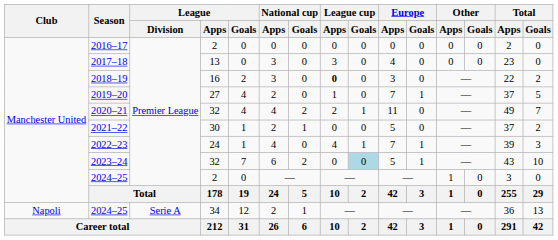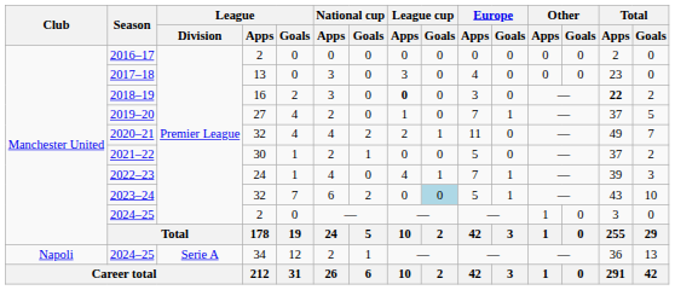 <table class="wikitable" style="text-align: center;">
 <tr>
 <th rowspan="2">Club</th>
 <th rowspan="2">Season</th>
 <th colspan="3">League</th>
 <th colspan="2">National cup</th>
 <th colspan="2">League cup</th>
 <th colspan="2"><a href='#'>Europe</a></th>
 <th colspan="2">Other</th>
 <th colspan="2">Total</th>
 </tr>
 <tr>
 <th>Division</th>
 <th>Apps</th>
 <th>Goals</th>
 <th>Apps</th>
 <th>Goals</th>
 <th>Apps</th>
 <th>Goals</th>
 <th>Apps</th>
 <th>Goals</th>
 <th>Apps</th>
 <th>Goals</th>
 <th>Apps</th>
 <th>Goals</th>
 </tr>
 <tr>
 <td rowspan="10"><a href='#'>Manchester United</a></td>
 <td><a href='#'>2016–17</a></td>
 <td rowspan="9"><a href='#'>Premier League</a></td>
 <td>2</td>
 <td>0</td>
 <td>0</td>
 <td>0</td>
 <td>0</td>
 <td>0</td>
 <td>0</td>
 <td>0</td>
 <td>0</td>
 <td>0</td>
 <td>2</td>
 <td>0</td>
 </tr>
 <tr>
 <td><a href='#'>2017–18</a></td>
 <td>13</td>
 <td>0</td>
 <td>3</td>
 <td>0</td>
 <td>3</td>
 <td>0</td>
 <td>4</td>
 <td>0</td>
 <td>0</td>
 <td>0</td>
 <td>23</td>
 <td>0</td>
 </tr>
 <tr>
 <td><a href='#'>2018–19</a></td>
 <td>16</td>
 <td>2</td>
 <td>3</td>
 <td>0</td>
 <td><strong>0</strong></td>
 <td>0</td>
 <td>3</td>
 <td>0</td>
 <td colspan="2">—</td>
-<td>22</td>
+<td><strong>22</strong></td>
 <td>2</td>
 </tr>
 <tr>
 <td><a href='#'>2019–20</a></td>
 <td>27</td>
 <td>4</td>
 <td>2</td>
 <td>0</td>
 <td>1</td>
 <td>0</td>
 <td>7</td>
 <td>1</td>
 <td colspan="2">—</td>
 <td>37</td>
 <td>5</td>
 </tr>
 <tr>
 <td><a href='#'>2020–21</a></td>
 <td>32</td>
 <td>4</td>
 <td>4</td>
 <td>2</td>
 <td>2</td>
 <td>1</td>
 <td>11</td>
 <td>0</td>
 <td colspan="2">—</td>
 <td>49</td>
 <td>7</td>
 </tr>
 <tr>
 <td><a href='#'>2021–22</a></td>
 <td>30</td>
 <td>1</td>
 <td>2</td>
 <td>1</td>
 <td>0</td>
 <td>0</td>
 <td>5</td>
 <td>0</td>
 <td colspan="2">—</td>
 <td>37</td>
 <td>2</td>
 </tr>
 <tr>
 <td><a href='#'>2022–23</a></td>
 <td>24</td>
 <td>1</td>
 <td>4</td>
 <td>0</td>
 <td>4</td>
 <td>1</td>
 <td>7</td>
 <td>1</td>
 <td colspan="2">—</td>
 <td>39</td>
 <td>3</td>
 </tr>
 <tr>
 <td><a href='#'>2023–24</a></td>
 <td>32</td>
 <td>7</td>
 <td>6</td>
 <td>2</td>
 <td>0</td>
 <td style="background: lightblue;">0</td>
 <td>5</td>
 <td>1</td>
 <td colspan="2">—</td>
 <td>43</td>
 <td>10</td>
 </tr>
 <tr>
 <td><a href='#'>2024–25</a></td>
 <td>2</td>
 <td>0</td>
 <td colspan="2">—</td>
 <td colspan="2">—</td>
 <td colspan="2">—</td>
 <td>1</td>
 <td>0</td>
 <td>3</td>
 <td>0</td>
 </tr>
 <tr>
 <th colspan="2">Total</th>
 <th>178</th>
 <th>19</th>
 <th>24</th>
 <th>5</th>
 <th>10</th>
 <th>2</th>
 <th>42</th>
 <th>3</th>
 <th>1</th>
 <th>0</th>
 <th>255</th>
 <th>29</th>
 </tr>
 <tr>
 <td><a href='#'>Napoli</a></td>
 <td><a href='#'>2024–25</a></td>
 <td><a href='#'>Serie A</a></td>
 <td>34</td>
 <td>12</td>
 <td>2</td>
 <td>1</td>
 <td colspan="2">—</td>
 <td colspan="2">—</td>
 <td colspan="2">—</td>
 <td>36</td>
 <td>13</td>
 </tr>
 <tr>
 <th colspan="3">Career total</th>
 <th>212</th>
 <th>31</th>
 <th>26</th>
 <th>6</th>
 <th>10</th>
 <th>2</th>
 <th>42</th>
 <th>3</th>
 <th>1</th>
 <th>0</th>
 <th>291</th>
 <th>42</th>
 </tr>
 </table>
